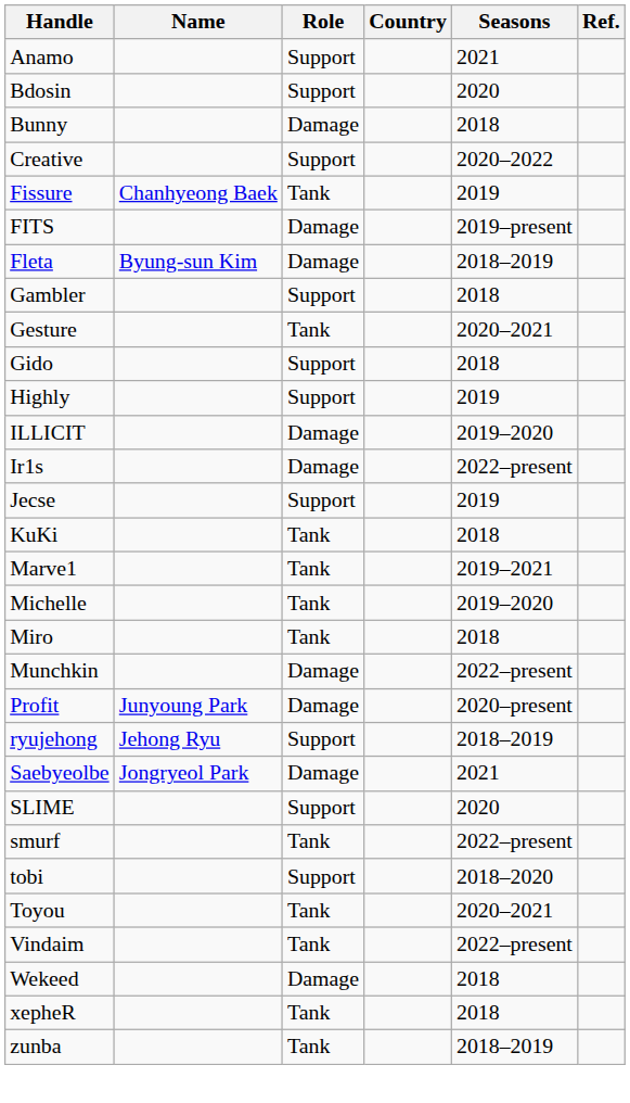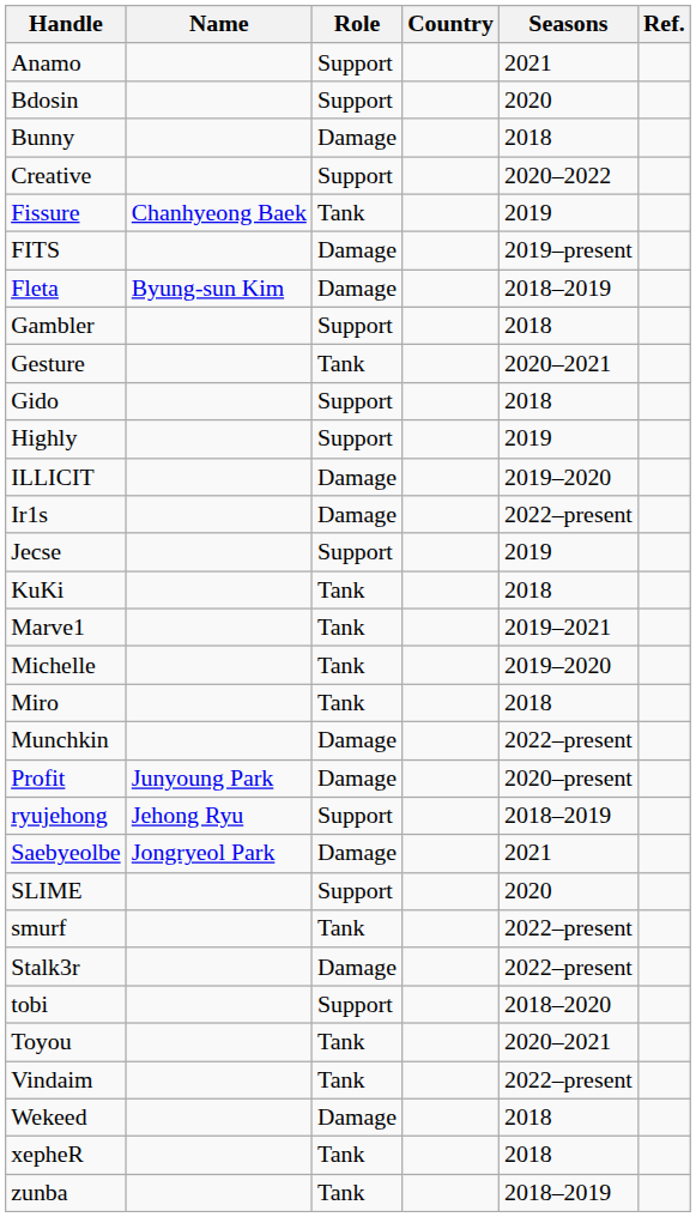 <table class="wikitable sortable" style="text-align:left;">
 <tr>
 <th style="background-color:#">Handle</th>
 <th style="background-color:#">Name</th>
 <th style="background-color:#">Role</th>
 <th style="background-color:#">Country</th>
 <th style="background-color:#">Seasons</th>
 <th style="background-color:#">Ref.</th>
 </tr>
 <tr>
 <td>Anamo</td>
 <td></td>
 <td>Support</td>
 <td></td>
 <td>2021</td>
 <td></td>
 </tr>
 <tr>
 <td>Bdosin</td>
 <td></td>
 <td>Support</td>
 <td></td>
 <td>2020</td>
 <td></td>
 </tr>
 <tr>
 <td>Bunny</td>
 <td></td>
 <td>Damage</td>
 <td></td>
 <td>2018</td>
 <td></td>
 </tr>
 <tr>
 <td>Creative</td>
 <td></td>
 <td>Support</td>
 <td></td>
 <td>2020–2022</td>
 <td></td>
 </tr>
 <tr>
 <td><a href='#'>Fissure</a></td>
 <td><a href='#'>Chanhyeong Baek</a></td>
 <td>Tank</td>
 <td></td>
 <td>2019</td>
 <td></td>
 </tr>
 <tr>
 <td>FITS</td>
 <td></td>
 <td>Damage</td>
 <td></td>
 <td>2019–present</td>
 <td></td>
 </tr>
 <tr>
 <td><a href='#'>Fleta</a></td>
 <td><a href='#'>Byung-sun Kim</a></td>
 <td>Damage</td>
 <td></td>
 <td>2018–2019</td>
 <td></td>
 </tr>
 <tr>
 <td>Gambler</td>
 <td></td>
 <td>Support</td>
 <td></td>
 <td>2018</td>
 <td></td>
 </tr>
 <tr>
 <td>Gesture</td>
 <td></td>
 <td>Tank</td>
 <td></td>
 <td>2020–2021</td>
 <td></td>
 </tr>
 <tr>
 <td>Gido</td>
 <td></td>
 <td>Support</td>
 <td></td>
 <td>2018</td>
 <td></td>
 </tr>
 <tr>
 <td>Highly</td>
 <td></td>
 <td>Support</td>
 <td></td>
 <td>2019</td>
 <td></td>
 </tr>
 <tr>
 <td>ILLICIT</td>
 <td></td>
 <td>Damage</td>
 <td></td>
 <td>2019–2020</td>
 <td></td>
 </tr>
 <tr>
 <td>Ir1s</td>
 <td></td>
 <td>Damage</td>
 <td></td>
 <td>2022–present</td>
 <td></td>
 </tr>
 <tr>
 <td>Jecse</td>
 <td></td>
 <td>Support</td>
 <td></td>
 <td>2019</td>
 <td></td>
 </tr>
 <tr>
 <td>KuKi</td>
 <td></td>
 <td>Tank</td>
 <td></td>
 <td>2018</td>
 <td></td>
 </tr>
 <tr>
 <td>Marve1</td>
 <td></td>
 <td>Tank</td>
 <td></td>
 <td>2019–2021</td>
 <td></td>
 </tr>
 <tr>
 <td>Michelle</td>
 <td></td>
 <td>Tank</td>
 <td></td>
 <td>2019–2020</td>
 <td></td>
 </tr>
 <tr>
 <td>Miro</td>
 <td></td>
 <td>Tank</td>
 <td></td>
 <td>2018</td>
 <td></td>
 </tr>
 <tr>
 <td>Munchkin</td>
 <td></td>
 <td>Damage</td>
 <td></td>
 <td>2022–present</td>
 <td></td>
 </tr>
 <tr>
 <td><a href='#'>Profit</a></td>
 <td><a href='#'>Junyoung Park</a></td>
 <td>Damage</td>
 <td></td>
 <td>2020–present</td>
 <td></td>
 </tr>
 <tr>
 <td><a href='#'>ryujehong</a></td>
 <td><a href='#'>Jehong Ryu</a></td>
 <td>Support</td>
 <td></td>
 <td>2018–2019</td>
 <td></td>
 </tr>
 <tr>
 <td><a href='#'>Saebyeolbe</a></td>
 <td><a href='#'>Jongryeol Park</a></td>
 <td>Damage</td>
 <td></td>
 <td>2021</td>
 <td></td>
 </tr>
 <tr>
 <td>SLIME</td>
 <td></td>
 <td>Support</td>
 <td></td>
 <td>2020</td>
 <td></td>
 </tr>
 <tr>
 <td>smurf</td>
 <td></td>
 <td>Tank</td>
 <td></td>
 <td>2022–present</td>
 <td></td>
 </tr>
 <tr>
+<td>Stalk3r</td>
+<td></td>
+<td>Damage</td>
+<td></td>
+<td>2022–present</td>
+<td></td>
+</tr>
+<tr>
 <td>tobi</td>
 <td></td>
 <td>Support</td>
 <td></td>
 <td>2018–2020</td>
 <td></td>
 </tr>
 <tr>
 <td>Toyou</td>
 <td></td>
 <td>Tank</td>
 <td></td>
 <td>2020–2021</td>
 <td></td>
 </tr>
 <tr>
 <td>Vindaim</td>
 <td></td>
 <td>Tank</td>
 <td></td>
 <td>2022–present</td>
 <td></td>
 </tr>
 <tr>
 <td>Wekeed</td>
 <td></td>
 <td>Damage</td>
 <td></td>
 <td>2018</td>
 <td></td>
 </tr>
 <tr>
 <td>xepheR</td>
 <td></td>
 <td>Tank</td>
 <td></td>
 <td>2018</td>
 <td></td>
 </tr>
 <tr>
 <td>zunba</td>
 <td></td>
 <td>Tank</td>
 <td></td>
 <td>2018–2019</td>
 <td></td>
 </tr>
 </table>
